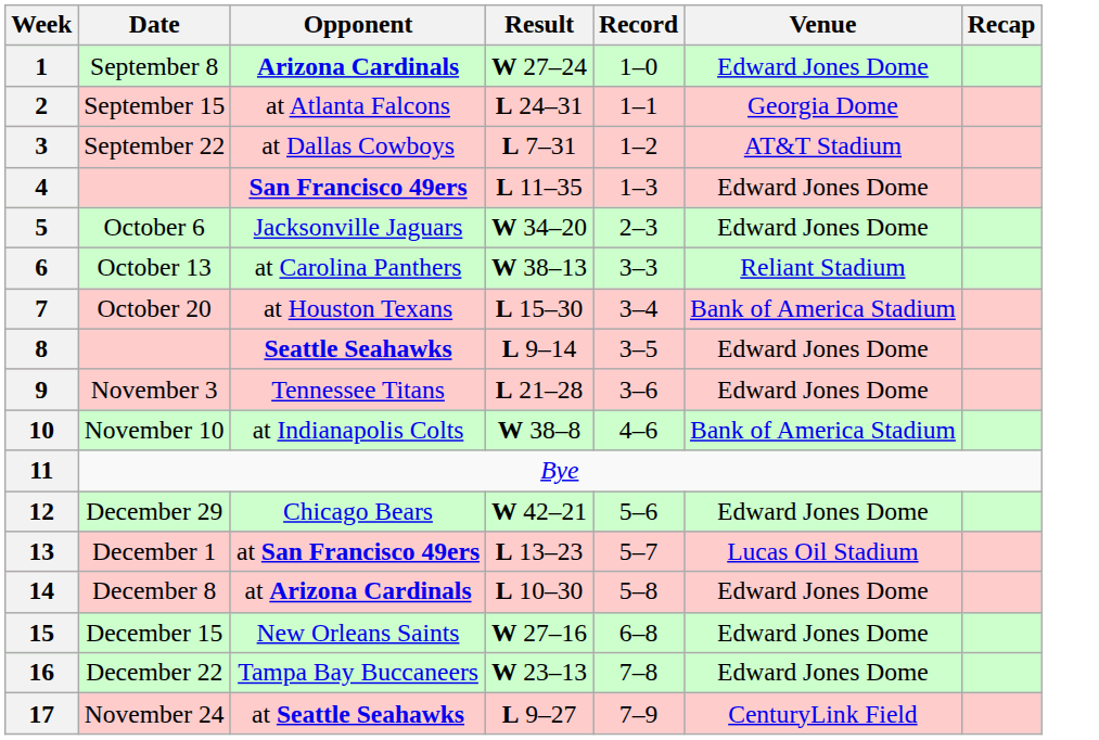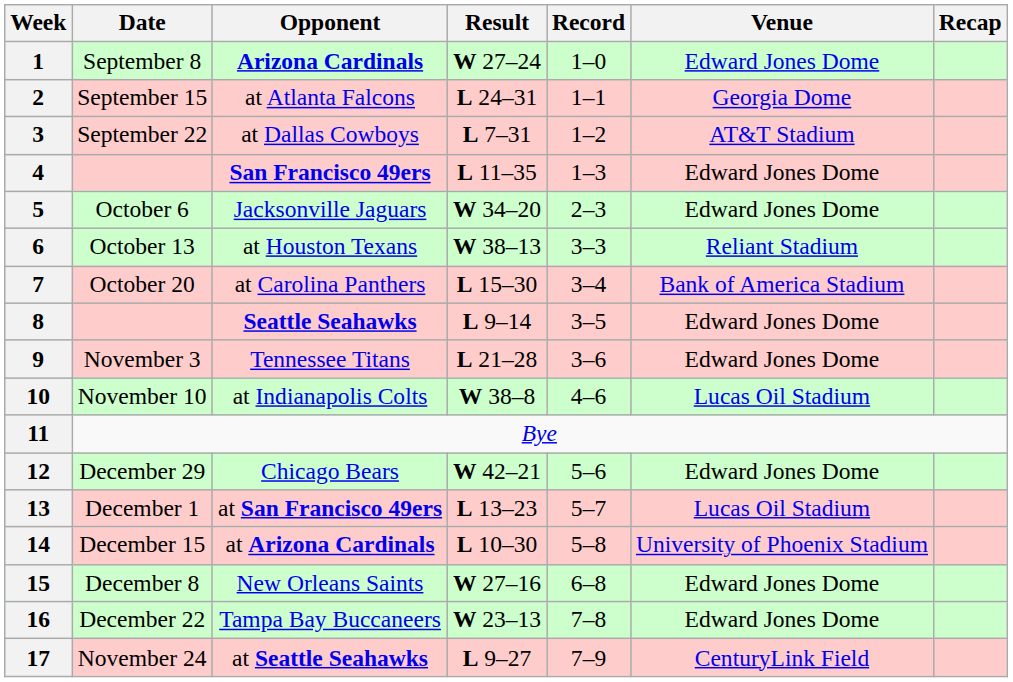 <table class="wikitable" style="text-align:center">
 <tr>
 <th>Week</th>
 <th>Date</th>
 <th>Opponent</th>
 <th>Result</th>
 <th>Record</th>
 <th>Venue</th>
 <th>Recap</th>
 </tr>
 <tr style="background:#cfc">
 <th>1</th>
 <td>September 8</td>
 <td><strong><a href='#'>Arizona Cardinals</a></strong></td>
 <td><strong>W</strong> 27–24</td>
 <td>1–0</td>
 <td><a href='#'>Edward Jones Dome</a></td>
 <td></td>
 </tr>
 <tr style="background:#fcc">
 <th>2</th>
 <td>September 15</td>
 <td>at <a href='#'>Atlanta Falcons</a></td>
 <td><strong>L</strong> 24–31</td>
 <td>1–1</td>
 <td><a href='#'>Georgia Dome</a></td>
 <td></td>
 </tr>
 <tr style="background:#fcc">
 <th>3</th>
 <td>September 22</td>
 <td>at <a href='#'>Dallas Cowboys</a></td>
 <td><strong>L</strong> 7–31</td>
 <td>1–2</td>
 <td><a href='#'>AT&T Stadium</a></td>
 <td></td>
 </tr>
 <tr style="background:#fcc">
 <th>4</th>
 <td></td>
 <td><strong><a href='#'>San Francisco 49ers</a></strong></td>
 <td><strong>L</strong> 11–35</td>
 <td>1–3</td>
 <td>Edward Jones Dome</td>
 <td></td>
 </tr>
 <tr style="background:#cfc">
 <th>5</th>
 <td>October 6</td>
 <td><a href='#'>Jacksonville Jaguars</a></td>
 <td><strong>W</strong> 34–20</td>
 <td>2–3</td>
 <td>Edward Jones Dome</td>
 <td></td>
 </tr>
 <tr style="background:#cfc">
 <th>6</th>
 <td>October 13</td>
-<td>at <a href='#'>Carolina Panthers</a></td>
+<td>at <a href='#'>Houston Texans</a></td>
 <td><strong>W</strong> 38–13</td>
 <td>3–3</td>
 <td><a href='#'>Reliant Stadium</a></td>
 <td></td>
 </tr>
 <tr style="background:#fcc">
 <th>7</th>
 <td>October 20</td>
-<td>at <a href='#'>Houston Texans</a></td>
+<td>at <a href='#'>Carolina Panthers</a></td>
 <td><strong>L</strong> 15–30</td>
 <td>3–4</td>
 <td><a href='#'>Bank of America Stadium</a></td>
 <td></td>
 </tr>
 <tr style="background:#fcc">
 <th>8</th>
 <td></td>
 <td><strong><a href='#'>Seattle Seahawks</a></strong></td>
 <td><strong>L</strong> 9–14</td>
 <td>3–5</td>
 <td>Edward Jones Dome</td>
 <td></td>
 </tr>
 <tr style="background:#fcc">
 <th>9</th>
 <td>November 3</td>
 <td><a href='#'>Tennessee Titans</a></td>
 <td><strong>L</strong> 21–28</td>
 <td>3–6</td>
 <td>Edward Jones Dome</td>
 <td></td>
 </tr>
 <tr style="background:#cfc">
 <th>10</th>
 <td>November 10</td>
 <td>at <a href='#'>Indianapolis Colts</a></td>
 <td><strong>W</strong> 38–8</td>
 <td>4–6</td>
-<td><a href='#'>Bank of America Stadium</a></td>
+<td><a href='#'>Lucas Oil Stadium</a></td>
 <td></td>
 </tr>
 <tr>
 <th>11</th>
 <td colspan="6"><em><a href='#'>Bye</a></em></td>
 </tr>
 <tr style="background:#cfc">
 <th>12</th>
 <td>December 29</td>
 <td><a href='#'>Chicago Bears</a></td>
 <td><strong>W</strong> 42–21</td>
 <td>5–6</td>
 <td>Edward Jones Dome</td>
 <td></td>
 </tr>
 <tr style="background:#fcc">
 <th>13</th>
 <td>December 1</td>
 <td>at <strong><a href='#'>San Francisco 49ers</a></strong></td>
 <td><strong>L</strong> 13–23</td>
 <td>5–7</td>
 <td><a href='#'>Lucas Oil Stadium</a></td>
 <td></td>
 </tr>
 <tr style="background:#fcc">
 <th>14</th>
-<td>December 8</td>
+<td>December 15</td>
 <td>at <strong><a href='#'>Arizona Cardinals</a></strong></td>
 <td><strong>L</strong> 10–30</td>
 <td>5–8</td>
-<td>Edward Jones Dome</td>
+<td><a href='#'>University of Phoenix Stadium</a></td>
 <td></td>
 </tr>
 <tr style="background:#cfc">
 <th>15</th>
-<td>December 15</td>
+<td>December 8</td>
 <td><a href='#'>New Orleans Saints</a></td>
 <td><strong>W</strong> 27–16</td>
 <td>6–8</td>
 <td>Edward Jones Dome</td>
 <td></td>
 </tr>
 <tr style="background:#cfc">
 <th>16</th>
 <td>December 22</td>
 <td><a href='#'>Tampa Bay Buccaneers</a></td>
 <td><strong>W</strong> 23–13</td>
 <td>7–8</td>
 <td>Edward Jones Dome</td>
 <td></td>
 </tr>
 <tr style="background:#fcc">
 <th>17</th>
 <td>November 24</td>
 <td>at <strong><a href='#'>Seattle Seahawks</a></strong></td>
 <td><strong>L</strong> 9–27</td>
 <td>7–9</td>
 <td><a href='#'>CenturyLink Field</a></td>
 <td></td>
 </tr>
 </table>
